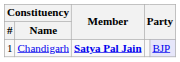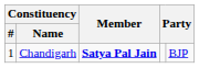 <table class="wikitable">
 <tr>
 <th colspan="2">Constituency</th>
 <th rowspan="2">Member</th>
 <th colspan="2" rowspan="2">Party</th>
 </tr>
 <tr>
 <th>#</th>
 <th>Name</th>
 </tr>
 <tr>
 <td>1</td>
 <td><a href='#'>Chandigarh</a></td>
 <td><strong><a href='#'>Satya Pal Jain</a></strong></td>
 <td style="background-color: "></td>
-<td style="background: lavender;"><a href='#'>BJP</a></td>
+<td><a href='#'>BJP</a></td>
 </tr>
 </table>
